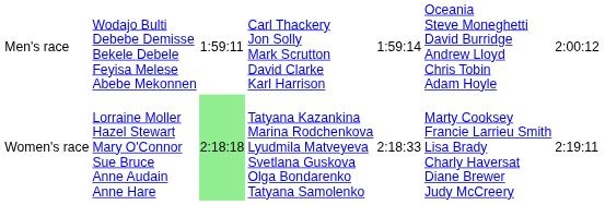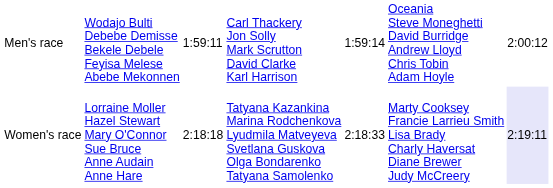 <table>
 <tr>
 <td>Men's race</td>
 <td><br><a href='#'>Wodajo Bulti</a><br><a href='#'>Debebe Demisse</a><br><a href='#'>Bekele Debele</a><br><a href='#'>Feyisa Melese</a><br><a href='#'>Abebe Mekonnen</a></td>
 <td>1:59:11</td>
 <td><br><a href='#'>Carl Thackery</a><br><a href='#'>Jon Solly</a><br><a href='#'>Mark Scrutton</a><br><a href='#'>David Clarke</a><br><a href='#'>Karl Harrison</a><br></td>
 <td>1:59:14</td>
 <td><a href='#'>Oceania</a><br><a href='#'>Steve Moneghetti</a><br><a href='#'>David Burridge</a><br><a href='#'>Andrew Lloyd</a><br><a href='#'>Chris Tobin</a><br><a href='#'>Adam Hoyle</a></td>
 <td>2:00:12</td>
 </tr>
 <tr>
 <td>Women's race</td>
 <td><br><a href='#'>Lorraine Moller</a><br><a href='#'>Hazel Stewart</a><br><a href='#'>Mary O'Connor</a><br><a href='#'>Sue Bruce</a><br><a href='#'>Anne Audain</a><br><a href='#'>Anne Hare</a></td>
-<td style="background: lightgreen;">2:18:18</td>
+<td>2:18:18</td>
 <td><br><a href='#'>Tatyana Kazankina</a><br><a href='#'>Marina Rodchenkova</a><br><a href='#'>Lyudmila Matveyeva</a><br><a href='#'>Svetlana Guskova</a><br><a href='#'>Olga Bondarenko</a><br><a href='#'>Tatyana Samolenko</a></td>
 <td>2:18:33</td>
 <td><br><a href='#'>Marty Cooksey</a><br><a href='#'>Francie Larrieu Smith</a><br><a href='#'>Lisa Brady</a><br><a href='#'>Charly Haversat</a><br><a href='#'>Diane Brewer</a><br><a href='#'>Judy McCreery</a></td>
-<td>2:19:11</td>
+<td style="background: lavender;">2:19:11</td>
 </tr>
 </table>
